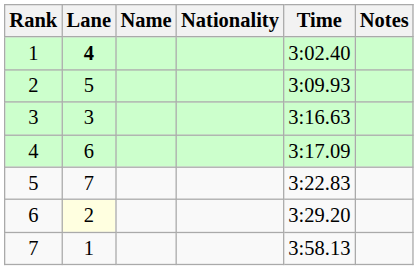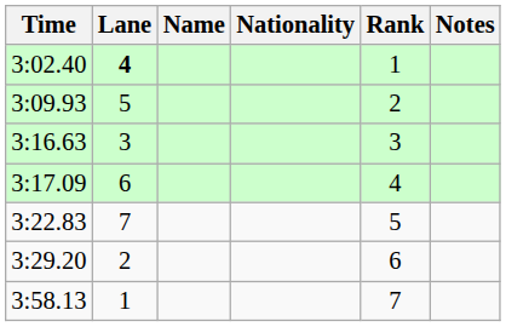 <table class="wikitable sortable" style="text-align:center">
 <tr>
-<th>Rank</th>
+<th>Time</th>
 <th>Lane</th>
 <th>Name</th>
 <th>Nationality</th>
-<th>Time</th>
+<th>Rank</th>
 <th>Notes</th>
 </tr>
 <tr bgcolor=ccffcc>
-<td>1</td>
+<td>3:02.40</td>
 <td><strong>4</strong></td>
 <td align=left></td>
 <td align=left></td>
-<td>3:02.40</td>
+<td>1</td>
 <td><strong></strong> <strong></strong></td>
 </tr>
 <tr bgcolor=ccffcc>
-<td>2</td>
+<td>3:09.93</td>
 <td>5</td>
 <td align=left></td>
 <td align=left></td>
-<td>3:09.93</td>
+<td>2</td>
 <td><strong></strong></td>
 </tr>
 <tr bgcolor=ccffcc>
-<td>3</td>
+<td>3:16.63</td>
 <td>3</td>
 <td align=left></td>
 <td align=left></td>
-<td>3:16.63</td>
+<td>3</td>
 <td><strong></strong></td>
 </tr>
 <tr bgcolor=ccffcc>
-<td>4</td>
+<td>3:17.09</td>
 <td>6</td>
 <td align=left></td>
 <td align=left></td>
-<td>3:17.09</td>
+<td>4</td>
 <td><strong></strong></td>
 </tr>
 <tr>
-<td>5</td>
+<td>3:22.83</td>
 <td>7</td>
 <td align=left></td>
 <td align=left></td>
-<td>3:22.83</td>
+<td>5</td>
 <td></td>
 </tr>
 <tr>
-<td>6</td>
-<td style="background: lightyellow;">2</td>
+<td>3:29.20</td>
+<td>2</td>
 <td align=left></td>
 <td align=left></td>
-<td>3:29.20</td>
+<td>6</td>
 <td></td>
 </tr>
 <tr>
-<td>7</td>
+<td>3:58.13</td>
 <td>1</td>
 <td align=left></td>
 <td align=left></td>
-<td>3:58.13</td>
+<td>7</td>
 <td></td>
 </tr>
 </table>
